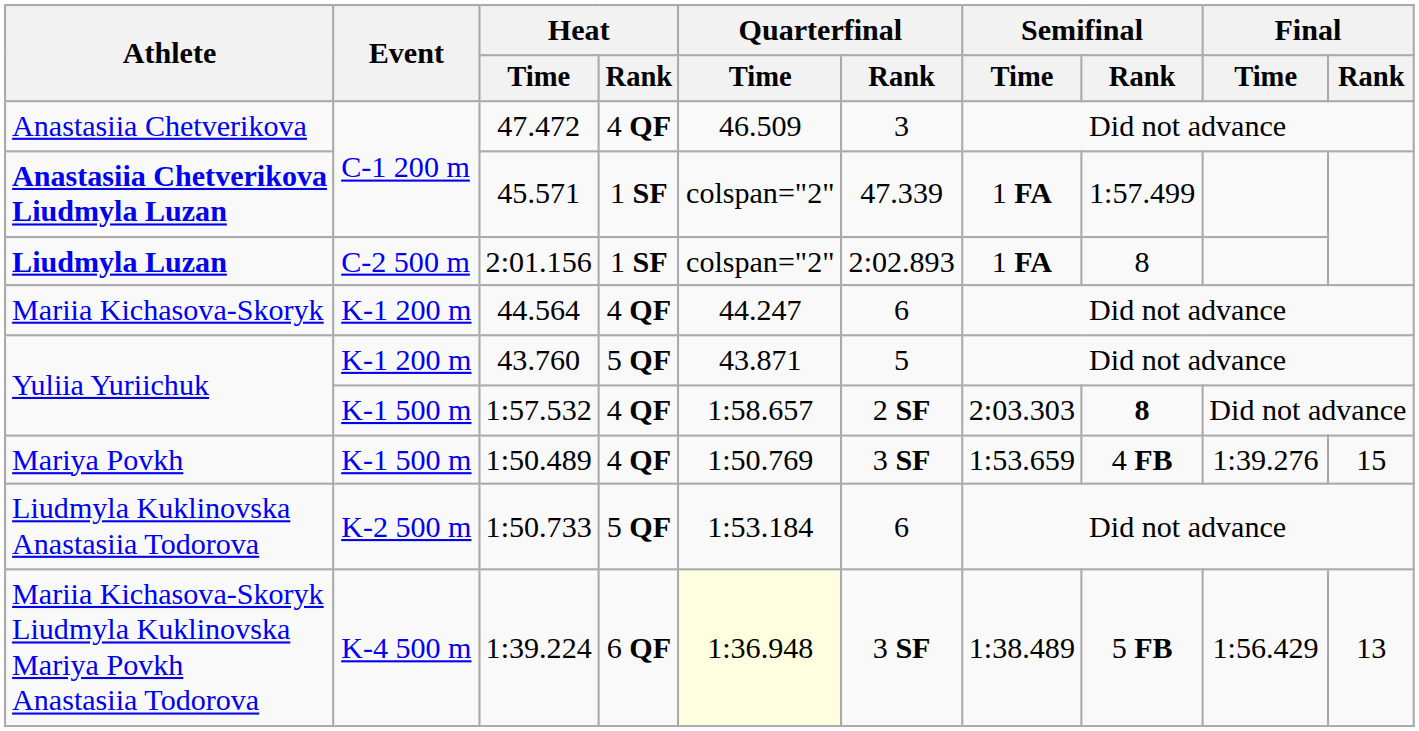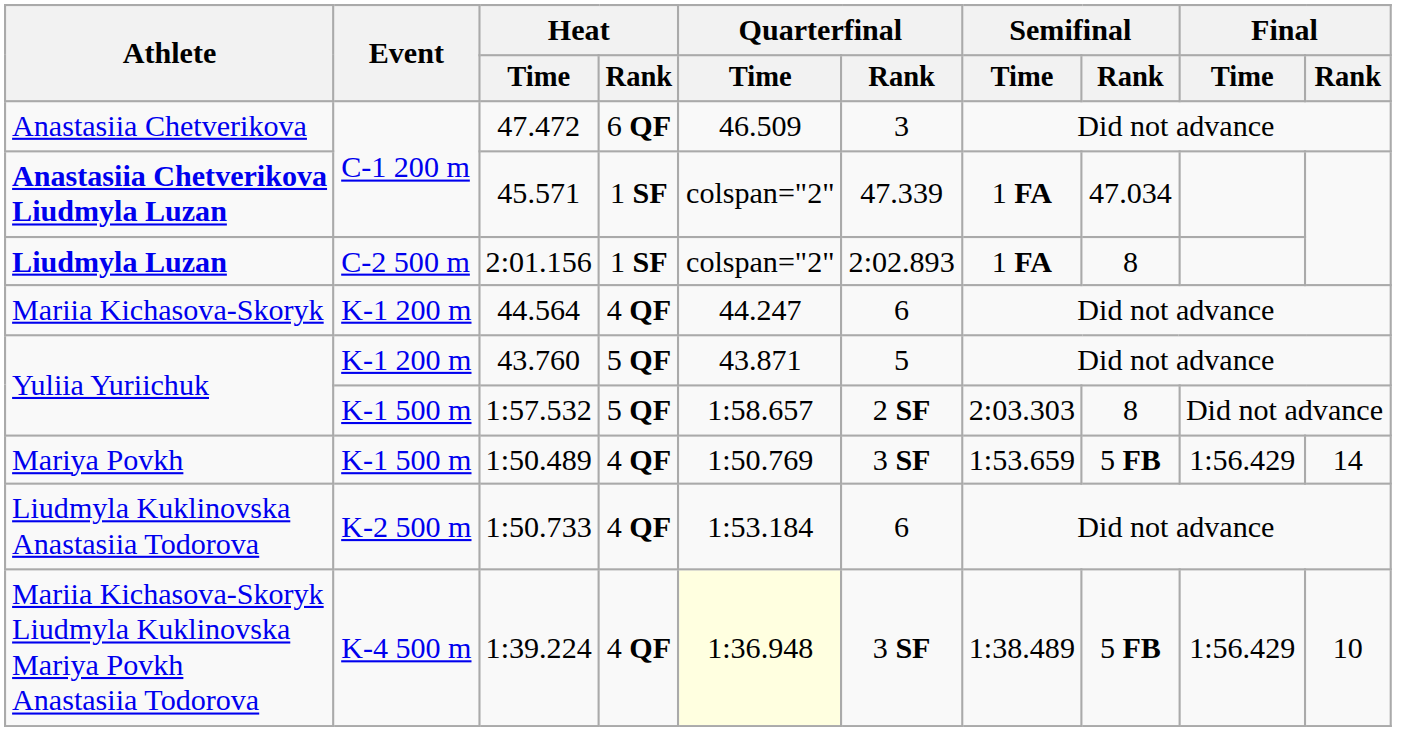 <table class=wikitable style="font-size:90%">
 <tr>
 <th rowspan="2">Athlete</th>
 <th rowspan="2">Event</th>
 <th colspan=2>Heat</th>
 <th colspan=2>Quarterfinal</th>
 <th colspan=2>Semifinal</th>
 <th colspan=2>Final</th>
 </tr>
 <tr style="font-size:95%">
 <th>Time</th>
 <th>Rank</th>
 <th>Time</th>
 <th>Rank</th>
 <th>Time</th>
 <th>Rank</th>
 <th>Time</th>
 <th>Rank</th>
 </tr>
 <tr align=center>
 <td align=left><a href='#'>Anastasiia Chetverikova</a></td>
 <td align=left rowspan=2><a href='#'>C-1 200 m</a></td>
 <td>47.472</td>
-<td>4 <strong>QF</strong></td>
+<td>6 <strong>QF</strong></td>
 <td>46.509</td>
 <td>3</td>
 <td colspan="4">Did not advance</td>
 </tr>
 <tr align=center>
 <td align=left><strong><a href='#'>Anastasiia Chetverikova</a><br><a href='#'>Liudmyla Luzan</a></strong></td>
 <td>45.571</td>
 <td>1 <strong>SF</strong></td>
 <td>colspan="2" </td>
 <td>47.339</td>
 <td>1 <strong>FA</strong></td>
-<td>1:57.499</td>
+<td>47.034</td>
 <td></td>
 </tr>
 <tr align=center>
 <td align=left><strong><a href='#'>Liudmyla Luzan</a></strong></td>
 <td align=left><a href='#'>C-2 500 m</a></td>
 <td>2:01.156</td>
 <td>1 <strong>SF</strong></td>
 <td>colspan="2" </td>
 <td>2:02.893</td>
 <td>1 <strong>FA</strong></td>
 <td>8</td>
 <td></td>
 </tr>
 <tr align=center>
 <td align=left><a href='#'>Mariia Kichasova-Skoryk</a></td>
 <td align=left><a href='#'>K-1 200 m</a></td>
 <td>44.564</td>
 <td>4 <strong>QF</strong></td>
 <td>44.247</td>
 <td>6</td>
 <td colspan="4">Did not advance</td>
 </tr>
 <tr align=center>
 <td align=left rowspan=2><a href='#'>Yuliia Yuriichuk</a></td>
 <td align=left><a href='#'>K-1 200 m</a></td>
 <td>43.760</td>
 <td>5 <strong>QF</strong></td>
 <td>43.871</td>
 <td>5</td>
 <td colspan="4">Did not advance</td>
 </tr>
 <tr align=center>
 <td align=left><a href='#'>K-1 500 m</a></td>
 <td>1:57.532</td>
-<td>4 <strong>QF</strong></td>
+<td>5 <strong>QF</strong></td>
 <td>1:58.657</td>
 <td>2 <strong>SF</strong></td>
 <td>2:03.303</td>
-<td><strong>8</strong></td>
+<td>8</td>
 <td colspan="2">Did not advance</td>
 </tr>
 <tr align=center>
 <td align=left><a href='#'>Mariya Povkh</a></td>
 <td align=left><a href='#'>K-1 500 m</a></td>
 <td>1:50.489</td>
 <td>4 <strong>QF</strong></td>
 <td>1:50.769</td>
 <td>3 <strong>SF</strong></td>
 <td>1:53.659</td>
-<td>4 <strong>FB</strong></td>
-<td>1:39.276</td>
-<td>15</td>
+<td>5 <strong>FB</strong></td>
+<td>1:56.429</td>
+<td>14</td>
 </tr>
 <tr align=center>
 <td align=left><a href='#'>Liudmyla Kuklinovska</a><br><a href='#'>Anastasiia Todorova</a></td>
 <td align=left><a href='#'>K-2 500 m</a></td>
 <td>1:50.733</td>
-<td>5 <strong>QF</strong></td>
+<td>4 <strong>QF</strong></td>
 <td>1:53.184</td>
 <td>6</td>
 <td colspan="4">Did not advance</td>
 </tr>
 <tr align=center>
 <td align=left><a href='#'>Mariia Kichasova-Skoryk</a><br><a href='#'>Liudmyla Kuklinovska</a><br><a href='#'>Mariya Povkh</a><br><a href='#'>Anastasiia Todorova</a></td>
 <td align=left><a href='#'>K-4 500 m</a></td>
 <td>1:39.224</td>
-<td>6 <strong>QF</strong></td>
+<td>4 <strong>QF</strong></td>
 <td style="background: lightyellow;">1:36.948</td>
 <td>3 <strong>SF</strong></td>
 <td>1:38.489</td>
 <td>5 <strong>FB</strong></td>
 <td>1:56.429</td>
-<td>13</td>
+<td>10</td>
 </tr>
 </table>
